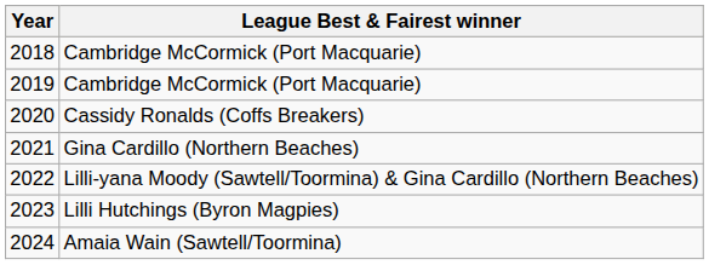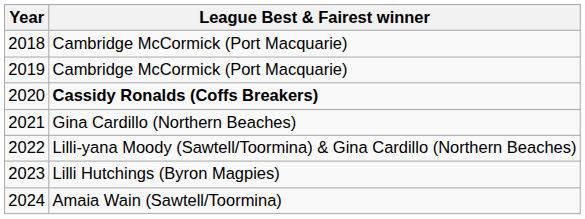 <table class="wikitable">
 <tr bgcolor=#bdb76b>
 <th>Year</th>
 <th>League Best & Fairest winner</th>
 </tr>
 <tr>
 <td>2018</td>
 <td>Cambridge McCormick (Port Macquarie)</td>
 </tr>
 <tr>
 <td>2019</td>
 <td>Cambridge McCormick (Port Macquarie)</td>
 </tr>
 <tr>
 <td>2020</td>
-<td>Cassidy Ronalds (Coffs Breakers)</td>
+<td><strong>Cassidy Ronalds (Coffs Breakers)</strong></td>
 </tr>
 <tr>
 <td>2021</td>
 <td>Gina Cardillo (Northern Beaches)</td>
 </tr>
 <tr>
 <td>2022</td>
 <td>Lilli-yana Moody (Sawtell/Toormina) & Gina Cardillo (Northern Beaches)</td>
 </tr>
 <tr>
 <td>2023</td>
 <td>Lilli Hutchings (Byron Magpies)</td>
 </tr>
 <tr>
 <td>2024</td>
 <td>Amaia Wain (Sawtell/Toormina)</td>
 </tr>
 </table>
